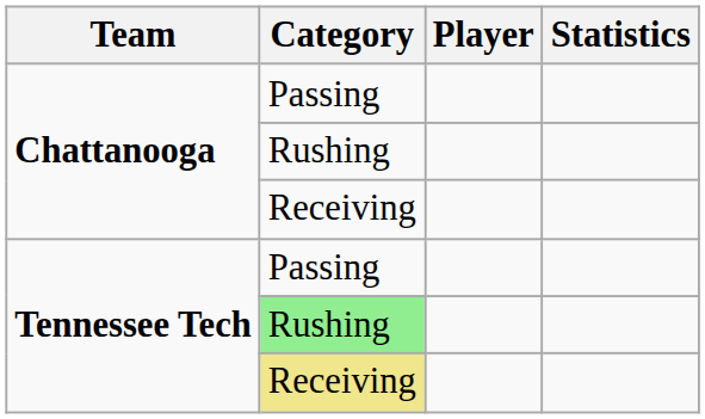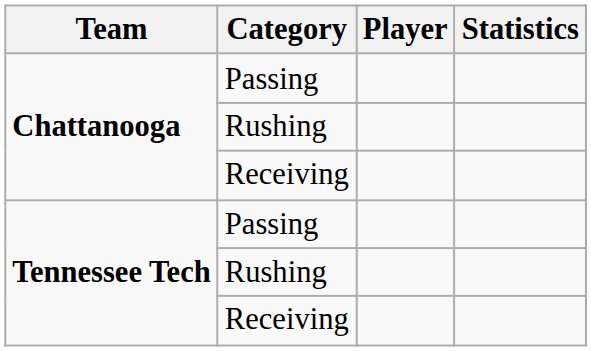 <table class="wikitable" style="float: right;">
 <tr>
 <th>Team</th>
 <th>Category</th>
 <th>Player</th>
 <th>Statistics</th>
 </tr>
 <tr>
 <td rowspan=3><strong>Chattanooga</strong></td>
 <td>Passing</td>
 <td></td>
 <td></td>
 </tr>
 <tr>
 <td>Rushing</td>
 <td></td>
 <td></td>
 </tr>
 <tr>
 <td>Receiving</td>
 <td></td>
 <td></td>
 </tr>
 <tr>
 <td rowspan=3><strong>Tennessee Tech</strong></td>
 <td>Passing</td>
 <td></td>
 <td></td>
 </tr>
 <tr>
-<td style="background: lightgreen;">Rushing</td>
+<td>Rushing</td>
 <td></td>
 <td></td>
 </tr>
 <tr>
-<td style="background: khaki;">Receiving</td>
+<td>Receiving</td>
 <td></td>
 <td></td>
 </tr>
 </table>
